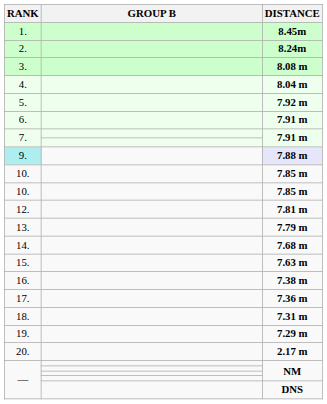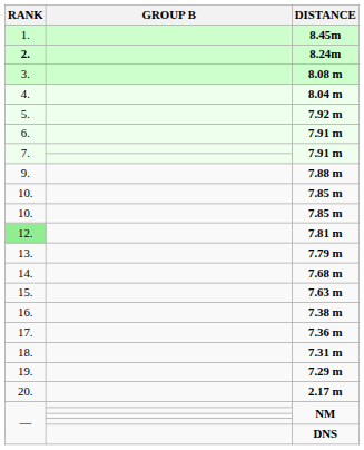 <table class="wikitable" style="border-collapse: collapse; font-size: 90%;">
 <tr>
 <th>RANK</th>
 <th style="width: 20em">GROUP B</th>
 <th style="width: 5em">DISTANCE</th>
 </tr>
 <tr style="background:#ccffcc;">
 <td align="center">1.</td>
 <td></td>
 <td align="center"><strong>8.45m </strong></td>
 </tr>
 <tr style="background:#ccffcc;">
-<td align="center">2.</td>
+<td align="center"><strong>2.</strong></td>
 <td></td>
 <td align="center"><strong>8.24m </strong></td>
 </tr>
 <tr style="background:#ccffcc;">
 <td align="center">3.</td>
 <td></td>
 <td align="center"><strong>8.08 m </strong></td>
 </tr>
 <tr style="background:#eeffee;">
 <td align="center">4.</td>
 <td></td>
 <td align="center"><strong>8.04 m </strong></td>
 </tr>
 <tr style="background:#eeffee;">
 <td align="center">5.</td>
 <td></td>
 <td align="center"><strong>7.92 m </strong></td>
 </tr>
 <tr style="background:#eeffee;">
 <td align="center">6.</td>
 <td></td>
 <td align="center"><strong>7.91 m </strong></td>
 </tr>
 <tr style="background:#eeffee;">
 <td rowspan=2 align="center">7.</td>
 <td></td>
 <td rowspan=2 align="center"><strong>7.91 m</strong></td>
 </tr>
 <tr style="background:#eeffee;">
 <td></td>
 </tr>
 <tr>
-<td align="center" style="background: paleturquoise;">9.</td>
+<td align="center">9.</td>
 <td></td>
-<td align="center" style="background: lavender;"><strong>7.88 m </strong></td>
+<td align="center"><strong>7.88 m </strong></td>
 </tr>
 <tr>
 <td align="center">10.</td>
 <td></td>
 <td align="center"><strong>7.85 m </strong></td>
 </tr>
 <tr>
 <td align="center">10.</td>
 <td></td>
 <td align="center"><strong>7.85 m </strong></td>
 </tr>
 <tr>
-<td align="center">12.</td>
+<td align="center" style="background: lightgreen;">12.</td>
 <td></td>
 <td align="center"><strong>7.81 m </strong></td>
 </tr>
 <tr>
 <td align="center">13.</td>
 <td></td>
 <td align="center"><strong>7.79 m </strong></td>
 </tr>
 <tr>
 <td align="center">14.</td>
 <td></td>
 <td align="center"><strong>7.68 m </strong></td>
 </tr>
 <tr>
 <td align="center">15.</td>
 <td></td>
 <td align="center"><strong>7.63 m </strong></td>
 </tr>
 <tr>
 <td align="center">16.</td>
 <td></td>
 <td align="center"><strong>7.38 m </strong></td>
 </tr>
 <tr>
 <td align="center">17.</td>
 <td></td>
 <td align="center"><strong>7.36 m </strong></td>
 </tr>
 <tr>
 <td align="center">18.</td>
 <td></td>
 <td align="center"><strong>7.31 m </strong></td>
 </tr>
 <tr>
 <td align="center">19.</td>
 <td></td>
 <td align="center"><strong>7.29 m </strong></td>
 </tr>
 <tr>
 <td align="center">20.</td>
 <td></td>
 <td align="center"><strong>2.17 m </strong></td>
 </tr>
 <tr>
 <td rowspan=5 align="center">—</td>
 <td></td>
 <td rowspan=4 align="center"><strong>NM</strong></td>
 </tr>
 <tr>
 <td></td>
 </tr>
 <tr>
 <td></td>
 </tr>
 <tr>
 <td></td>
 </tr>
 <tr>
 <td></td>
 <td align="center"><strong>DNS </strong></td>
 </tr>
 </table>
